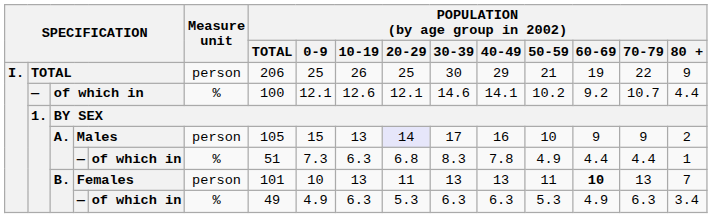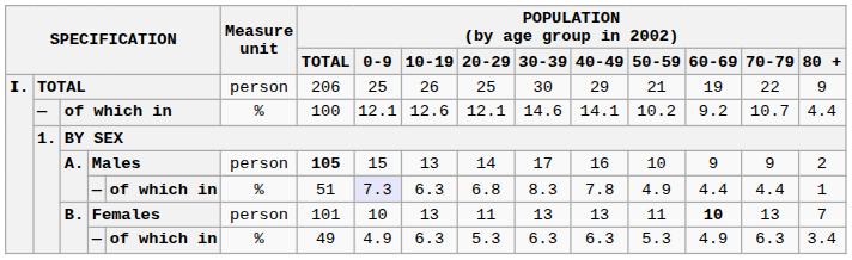 <table class="wikitable" style="font-size:85%; text-align:center">
 <tr>
 <th rowspan="2" colspan="5">SPECIFICATION</th>
 <th rowspan="2">Measure<br> unit</th>
 <th colspan="10" rowspan="1">POPULATION<br> (by age group in 2002)</th>
 </tr>
 <tr>
 <th>TOTAL</th>
 <th>0-9</th>
 <th>10-19</th>
 <th>20-29</th>
 <th>30-39</th>
 <th>40-49</th>
 <th>50-59</th>
 <th>60-69</th>
 <th>70-79</th>
 <th>80 +</th>
 </tr>
 <tr>
 <th style="text-align:left" valign="top" rowspan="7">I.</th>
 <th style="text-align:left" colspan="4">TOTAL</th>
 <td>person</td>
 <td>206</td>
 <td>25</td>
 <td>26</td>
 <td>25</td>
 <td>30</td>
 <td>29</td>
 <td>21</td>
 <td>19</td>
 <td>22</td>
 <td>9</td>
 </tr>
 <tr>
 <th style="text-align:left" valign="top">—</th>
 <th style="text-align:left" colspan="3">of which in</th>
 <td>%</td>
 <td>100</td>
 <td>12.1</td>
 <td>12.6</td>
 <td>12.1</td>
 <td>14.6</td>
 <td>14.1</td>
 <td>10.2</td>
 <td>9.2</td>
 <td>10.7</td>
 <td>4.4</td>
 </tr>
 <tr>
 <th style="text-align:left" valign="top" rowspan="5">1.</th>
 <th style="text-align:left" colspan="14">BY SEX</th>
 </tr>
 <tr>
 <th style="text-align:left" valign="top" rowspan="2">A.</th>
 <th style="text-align:left" colspan="2">Males</th>
 <td>person</td>
-<td>105</td>
+<td><strong>105</strong></td>
 <td>15</td>
 <td>13</td>
-<td style="background: lavender;">14</td>
+<td>14</td>
 <td>17</td>
 <td>16</td>
 <td>10</td>
 <td>9</td>
 <td>9</td>
 <td>2</td>
 </tr>
 <tr>
 <th style="text-align:left" valign="top">—</th>
 <th style="text-align:left" colspan="1">of which in</th>
 <td>%</td>
 <td>51</td>
-<td>7.3</td>
+<td style="background: lavender;">7.3</td>
 <td>6.3</td>
 <td>6.8</td>
 <td>8.3</td>
 <td>7.8</td>
 <td>4.9</td>
 <td>4.4</td>
 <td>4.4</td>
 <td>1</td>
 </tr>
 <tr>
 <th style="text-align:left" valign="top" rowspan="2">B.</th>
 <th style="text-align:left" colspan="2">Females</th>
 <td>person</td>
 <td>101</td>
 <td>10</td>
 <td>13</td>
 <td>11</td>
 <td>13</td>
 <td>13</td>
 <td>11</td>
 <td><strong>10</strong></td>
 <td>13</td>
 <td>7</td>
 </tr>
 <tr>
 <th style="text-align:left" valign="top">—</th>
 <th style="text-align:left" colspan="1">of which in</th>
 <td>%</td>
 <td>49</td>
 <td>4.9</td>
 <td>6.3</td>
 <td>5.3</td>
 <td>6.3</td>
 <td>6.3</td>
 <td>5.3</td>
 <td>4.9</td>
 <td>6.3</td>
 <td>3.4</td>
 </tr>
 </table>
